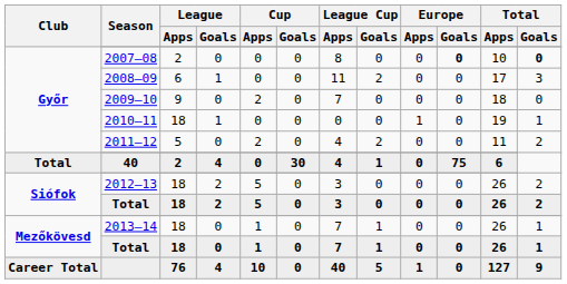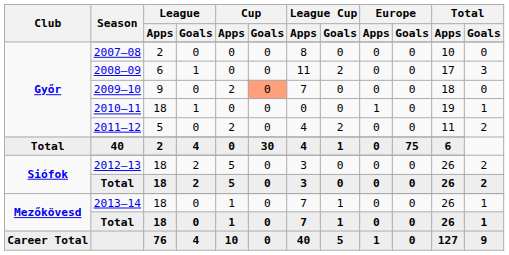 <table class="wikitable" style="font-size:90%; text-align: center;">
 <tr>
 <th rowspan="2">Club</th>
 <th rowspan="2">Season</th>
 <th colspan="2">League</th>
 <th colspan="2">Cup</th>
 <th colspan="2">League Cup</th>
 <th colspan="2">Europe</th>
 <th colspan="2">Total</th>
 </tr>
 <tr>
 <th>Apps</th>
 <th>Goals</th>
 <th>Apps</th>
 <th>Goals</th>
 <th>Apps</th>
 <th>Goals</th>
 <th>Apps</th>
 <th>Goals</th>
 <th>Apps</th>
 <th>Goals</th>
 </tr>
 <tr ||-||-||-|->
 <td rowspan="7" valign="center"><strong><a href='#'>Győr</a></strong></td>
 </tr>
 <tr>
 <td><a href='#'>2007–08</a></td>
 <td>2</td>
 <td>0</td>
 <td>0</td>
 <td>0</td>
 <td>8</td>
 <td>0</td>
 <td>0</td>
-<td><strong>0</strong></td>
+<td>0</td>
 <td>10</td>
-<td><strong>0</strong></td>
+<td>0</td>
 </tr>
 <tr>
 <td><a href='#'>2008–09</a></td>
 <td>6</td>
 <td>1</td>
 <td>0</td>
 <td>0</td>
 <td>11</td>
 <td>2</td>
 <td>0</td>
 <td>0</td>
 <td>17</td>
 <td>3</td>
 </tr>
 <tr>
 <td><a href='#'>2009–10</a></td>
 <td>9</td>
 <td>0</td>
 <td>2</td>
-<td>0</td>
+<td style="background: lightsalmon;">0</td>
 <td>7</td>
 <td>0</td>
 <td>0</td>
 <td>0</td>
 <td>18</td>
 <td>0</td>
 </tr>
 <tr>
 <td><a href='#'>2010–11</a></td>
 <td>18</td>
 <td>1</td>
 <td>0</td>
 <td>0</td>
 <td>0</td>
 <td>0</td>
 <td>1</td>
 <td>0</td>
 <td>19</td>
 <td>1</td>
 </tr>
 <tr>
 <td><a href='#'>2011–12</a></td>
 <td>5</td>
 <td>0</td>
 <td>2</td>
 <td>0</td>
 <td>4</td>
 <td>2</td>
 <td>0</td>
 <td>0</td>
 <td>11</td>
 <td>2</td>
 </tr>
 <tr>
 </tr>
 <tr style="font-weight:bold; background-color:#eeeeee;">
 <td>Total</td>
 <td>40</td>
 <td>2</td>
 <td>4</td>
 <td>0</td>
 <td>30</td>
 <td>4</td>
 <td>1</td>
 <td>0</td>
 <td>75</td>
 <td>6</td>
 </tr>
 <tr>
 <td rowspan="3" valign="center"><strong><a href='#'>Siófok</a></strong></td>
 </tr>
 <tr>
 <td><a href='#'>2012–13</a></td>
 <td>18</td>
 <td>2</td>
 <td>5</td>
 <td>0</td>
 <td>3</td>
 <td>0</td>
 <td>0</td>
 <td>0</td>
 <td>26</td>
 <td>2</td>
 </tr>
 <tr style="font-weight:bold; background-color:#eeeeee;">
 <td>Total</td>
 <td>18</td>
 <td>2</td>
 <td>5</td>
 <td>0</td>
 <td>3</td>
 <td>0</td>
 <td>0</td>
 <td>0</td>
 <td>26</td>
 <td>2</td>
 </tr>
 <tr>
 <td rowspan="3" valign="center"><strong><a href='#'>Mezőkövesd</a></strong></td>
 </tr>
 <tr>
 <td><a href='#'>2013–14</a></td>
 <td>18</td>
 <td>0</td>
 <td>1</td>
 <td>0</td>
 <td>7</td>
 <td>1</td>
 <td>0</td>
 <td>0</td>
 <td>26</td>
 <td>1</td>
 </tr>
 <tr style="font-weight:bold; background-color:#eeeeee;">
 <td>Total</td>
 <td>18</td>
 <td>0</td>
 <td>1</td>
 <td>0</td>
 <td>7</td>
 <td>1</td>
 <td>0</td>
 <td>0</td>
 <td>26</td>
 <td>1</td>
 </tr>
 <tr style="font-weight:bold; background-color:#eeeeee;">
 <td rowspan="2" valign="top"><strong>Career Total</strong></td>
 <td></td>
 <td><strong>76</strong></td>
 <td><strong>4</strong></td>
 <td><strong>10</strong></td>
 <td><strong>0</strong></td>
 <td><strong>40</strong></td>
 <td><strong>5</strong></td>
 <td><strong>1</strong></td>
 <td><strong>0</strong></td>
 <td><strong>127</strong></td>
 <td><strong>9</strong></td>
 </tr>
 </table>
